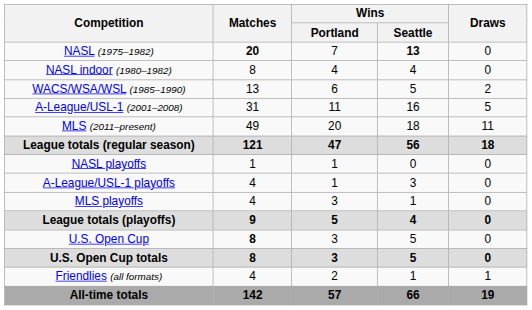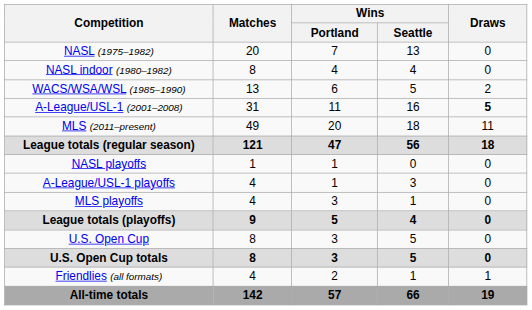 <table class="wikitable" style="width:80%;text-align:center;">
 <tr>
 <th rowspan=2 width=40%>Competition</th>
 <th rowspan=2 width=15%>Matches</th>
 <th colspan=2 width=30%>Wins</th>
 <th rowspan=2 width=15%>Draws</th>
 </tr>
 <tr>
 <th>Portland</th>
 <th>Seattle</th>
 </tr>
 <tr>
 <td><a href='#'>NASL</a> <small><em>(1975–1982)</em></small></td>
-<td><strong>20</strong></td>
+<td>20</td>
 <td>7</td>
-<td><strong>13</strong></td>
+<td>13</td>
 <td>0</td>
 </tr>
 <tr>
 <td><a href='#'>NASL indoor</a> <small><em>(1980–1982)</em></small></td>
 <td>8</td>
 <td>4</td>
 <td>4</td>
 <td>0</td>
 </tr>
 <tr>
 <td><a href='#'>WACS/WSA/WSL</a> <small><em>(1985–1990)</em></small></td>
 <td>13</td>
 <td>6</td>
 <td>5</td>
 <td>2</td>
 </tr>
 <tr>
 <td><a href='#'>A-League/USL-1</a> <small><em>(2001–2008)</em></small></td>
 <td>31</td>
 <td>11</td>
 <td>16</td>
-<td>5</td>
+<td><strong>5</strong></td>
 </tr>
 <tr>
 <td><a href='#'>MLS</a> <small><em>(2011–present)</em></small></td>
 <td>49</td>
 <td>20</td>
 <td>18</td>
 <td>11</td>
 </tr>
 <tr>
 <td style="text-align:center; background:#ddd;"><strong>League totals (regular season)</strong></td>
 <td style="text-align:center; background:#ddd;"><strong>121</strong></td>
 <td style="text-align:center; background:#ddd;"><strong>47</strong></td>
 <td style="text-align:center; background:#ddd;"><strong>56</strong></td>
 <td style="text-align:center; background:#ddd;"><strong>18</strong></td>
 </tr>
 <tr>
 <td><a href='#'>NASL playoffs</a></td>
 <td>1</td>
 <td>1</td>
 <td>0</td>
 <td>0</td>
 </tr>
 <tr>
 <td><a href='#'>A-League/USL-1 playoffs</a></td>
 <td>4</td>
 <td>1</td>
 <td>3</td>
 <td>0</td>
 </tr>
 <tr>
 <td><a href='#'>MLS playoffs</a></td>
 <td>4</td>
 <td>3</td>
 <td>1</td>
 <td>0</td>
 </tr>
 <tr>
 <td style="text-align:center; background:#ddd;"><strong>League totals (playoffs)</strong></td>
 <td style="text-align:center; background:#ddd;"><strong>9</strong></td>
 <td style="text-align:center; background:#ddd;"><strong>5</strong></td>
 <td style="text-align:center; background:#ddd;"><strong>4</strong></td>
 <td style="text-align:center; background:#ddd;"><strong>0</strong></td>
 </tr>
 <tr>
 <td><a href='#'>U.S. Open Cup</a></td>
-<td><strong>8</strong></td>
+<td>8</td>
 <td>3</td>
 <td>5</td>
 <td>0</td>
 </tr>
 <tr>
 <td style="text-align:center; background:#ddd;"><strong>U.S. Open Cup totals</strong></td>
 <td style="text-align:center; background:#ddd;"><strong>8</strong></td>
 <td style="text-align:center; background:#ddd;"><strong>3</strong></td>
 <td style="text-align:center; background:#ddd;"><strong>5</strong></td>
 <td style="text-align:center; background:#ddd;"><strong>0</strong></td>
 </tr>
 <tr>
 <td><a href='#'>Friendlies</a> <small><em>(all formats)</em></small></td>
 <td>4</td>
 <td>2</td>
 <td>1</td>
 <td>1</td>
 </tr>
 <tr>
 <td style="text-align:center; background:#aaa;"><strong>All-time totals</strong></td>
 <td style="text-align:center; background:#aaa;"><strong>142</strong></td>
 <td style="text-align:center; background:#aaa;"><strong>57</strong></td>
 <td style="text-align:center; background:#aaa;"><strong>66</strong></td>
 <td style="text-align:center; background:#aaa;"><strong>19</strong></td>
 </tr>
 </table>
